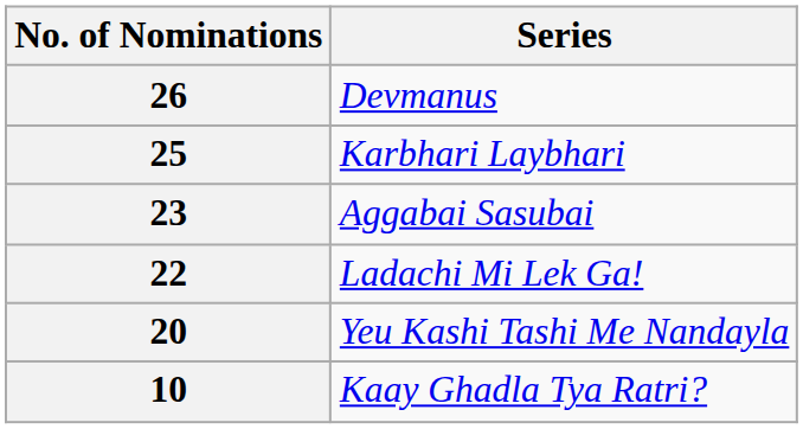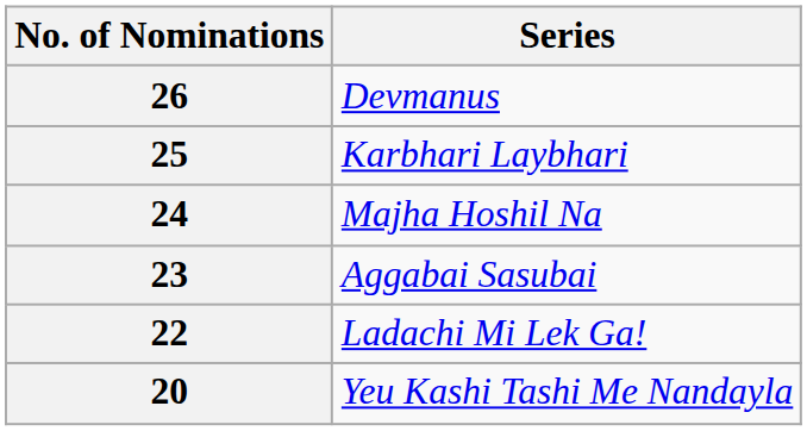 <table class="wikitable" style="display:inline-table;">
 <tr>
 <th>No. of Nominations</th>
 <th>Series</th>
 </tr>
 <tr>
 <th>26</th>
 <td><em><a href='#'>Devmanus</a></em></td>
 </tr>
 <tr>
 <th>25</th>
 <td><em><a href='#'>Karbhari Laybhari</a></em></td>
 </tr>
 <tr>
+<th>24</th>
+<td><em><a href='#'>Majha Hoshil Na</a></em></td>
+</tr>
+<tr>
 <th>23</th>
 <td><em><a href='#'>Aggabai Sasubai</a></em></td>
 </tr>
 <tr>
 <th>22</th>
 <td><em><a href='#'>Ladachi Mi Lek Ga!</a></em></td>
 </tr>
 <tr>
 <th>20</th>
 <td><em><a href='#'>Yeu Kashi Tashi Me Nandayla</a></em></td>
 </tr>
-<tr>
-<th>10</th>
-<td><em><a href='#'>Kaay Ghadla Tya Ratri?</a></em></td>
-</tr>
 </table>
